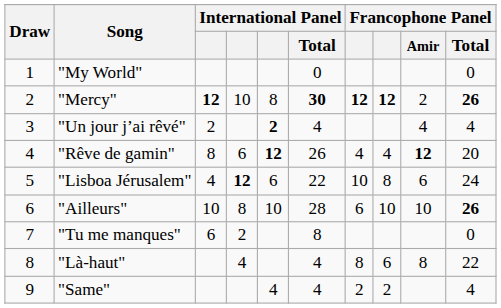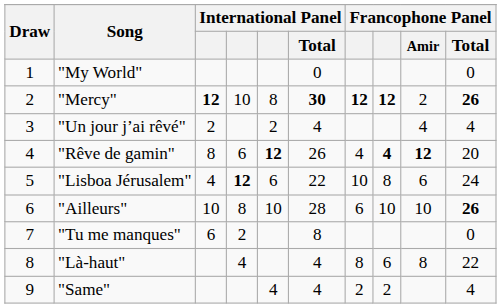 <table class="wikitable collapsible" style="margin: 1em auto 1em auto; text-align:center;">
 <tr>
 </tr>
 <tr>
 <th rowspan="2">Draw</th>
 <th rowspan="2">Song</th>
 <th colspan="4">International Panel</th>
 <th colspan="4">Francophone Panel</th>
 </tr>
 <tr>
 <th><br><small></small></th>
 <th><br><small></small></th>
 <th><br><small></small></th>
 <th>Total</th>
 <th><small></small></th>
 <th><small></small></th>
 <th><small>Amir</small></th>
 <th>Total</th>
 </tr>
 <tr>
 <td>1</td>
 <td align="left">"My World"</td>
 <td></td>
 <td></td>
 <td></td>
 <td>0</td>
 <td></td>
 <td></td>
 <td></td>
 <td>0</td>
 </tr>
 <tr>
 <td>2</td>
 <td align="left">"Mercy"</td>
 <td><strong>12</strong></td>
 <td>10</td>
 <td>8</td>
 <td><strong>30</strong></td>
 <td><strong>12</strong></td>
 <td><strong>12</strong></td>
 <td>2</td>
 <td><strong>26</strong></td>
 </tr>
 <tr>
 <td>3</td>
 <td align="left">"Un jour j’ai rêvé"</td>
 <td>2</td>
 <td></td>
-<td><strong>2</strong></td>
+<td>2</td>
 <td>4</td>
 <td></td>
 <td></td>
 <td>4</td>
 <td>4</td>
 </tr>
 <tr>
 <td>4</td>
 <td align="left">"Rêve de gamin"</td>
 <td>8</td>
 <td>6</td>
 <td><strong>12</strong></td>
 <td>26</td>
 <td>4</td>
-<td>4</td>
+<td><strong>4</strong></td>
 <td><strong>12</strong></td>
 <td>20</td>
 </tr>
 <tr>
 <td>5</td>
 <td align="left">"Lisboa Jérusalem"</td>
 <td>4</td>
 <td><strong>12</strong></td>
 <td>6</td>
 <td>22</td>
 <td>10</td>
 <td>8</td>
 <td>6</td>
 <td>24</td>
 </tr>
 <tr>
 <td>6</td>
 <td align="left">"Ailleurs"</td>
 <td>10</td>
 <td>8</td>
 <td>10</td>
 <td>28</td>
 <td>6</td>
 <td>10</td>
 <td>10</td>
 <td><strong>26</strong></td>
 </tr>
 <tr>
 <td>7</td>
 <td align="left">"Tu me manques"</td>
 <td>6</td>
 <td>2</td>
 <td></td>
 <td>8</td>
 <td></td>
 <td></td>
 <td></td>
 <td>0</td>
 </tr>
 <tr>
 <td>8</td>
 <td align="left">"Là-haut"</td>
 <td></td>
 <td>4</td>
 <td></td>
 <td>4</td>
 <td>8</td>
 <td>6</td>
 <td>8</td>
 <td>22</td>
 </tr>
 <tr>
 <td>9</td>
 <td align="left">"Same"</td>
 <td></td>
 <td></td>
 <td>4</td>
 <td>4</td>
 <td>2</td>
 <td>2</td>
 <td></td>
 <td>4</td>
 </tr>
 </table>
